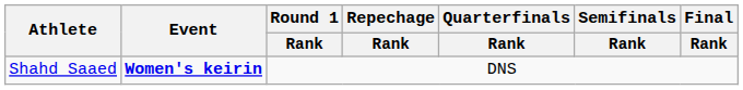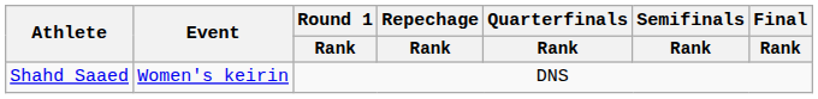 <table class=wikitable style=font-size:90%;text-align:center>
 <tr>
 <th rowspan=2>Athlete</th>
 <th rowspan=2>Event</th>
 <th>Round 1</th>
 <th>Repechage</th>
 <th>Quarterfinals</th>
 <th>Semifinals</th>
 <th>Final</th>
 </tr>
 <tr style=font-size:95%>
 <th>Rank</th>
 <th>Rank</th>
 <th>Rank</th>
 <th>Rank</th>
 <th>Rank</th>
 </tr>
 <tr>
 <td align=left><a href='#'>Shahd Saaed</a></td>
-<td align=left><strong><a href='#'>Women's keirin</a></strong></td>
+<td align=left><a href='#'>Women's keirin</a></td>
 <td colspan="5">DNS</td>
 </tr>
 </table>
